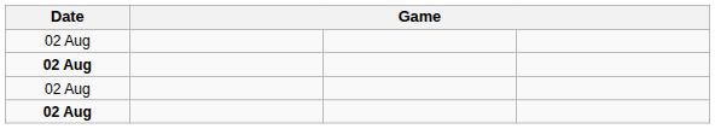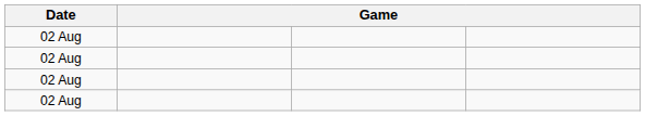 <table width=730 class="wikitable">
 <tr>
 <th width=15%>Date</th>
 <th width=70% colspan=3>Game</th>
 </tr>
 <tr style=font-size:95%>
 <td align=center>02 Aug</td>
 <td align=center><strong></strong></td>
 <td></td>
 <td></td>
 </tr>
 <tr style=font-size:95%>
-<td align=center><strong>02 Aug</strong></td>
+<td align=center>02 Aug</td>
 <td align=center><strong></strong></td>
 <td></td>
 <td></td>
 </tr>
 <tr style=font-size:95%>
 <td align=center>02 Aug</td>
 <td align=center><strong></strong></td>
 <td></td>
 <td></td>
 </tr>
 <tr style=font-size:95%>
-<td align=center><strong>02 Aug</strong></td>
+<td align=center>02 Aug</td>
 <td align=center><strong></strong></td>
 <td></td>
 <td></td>
 </tr>
 </table>
